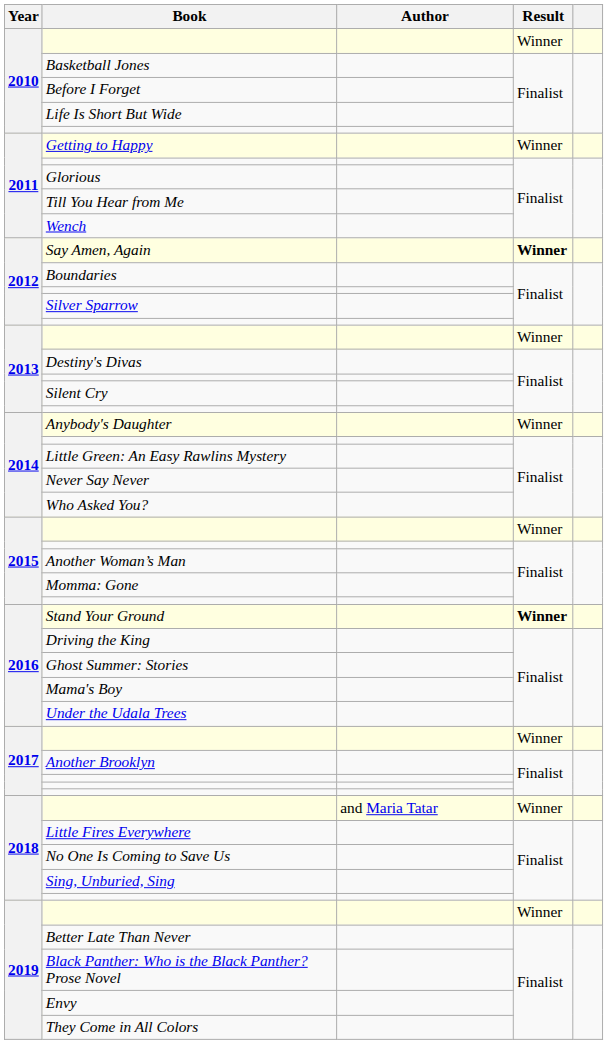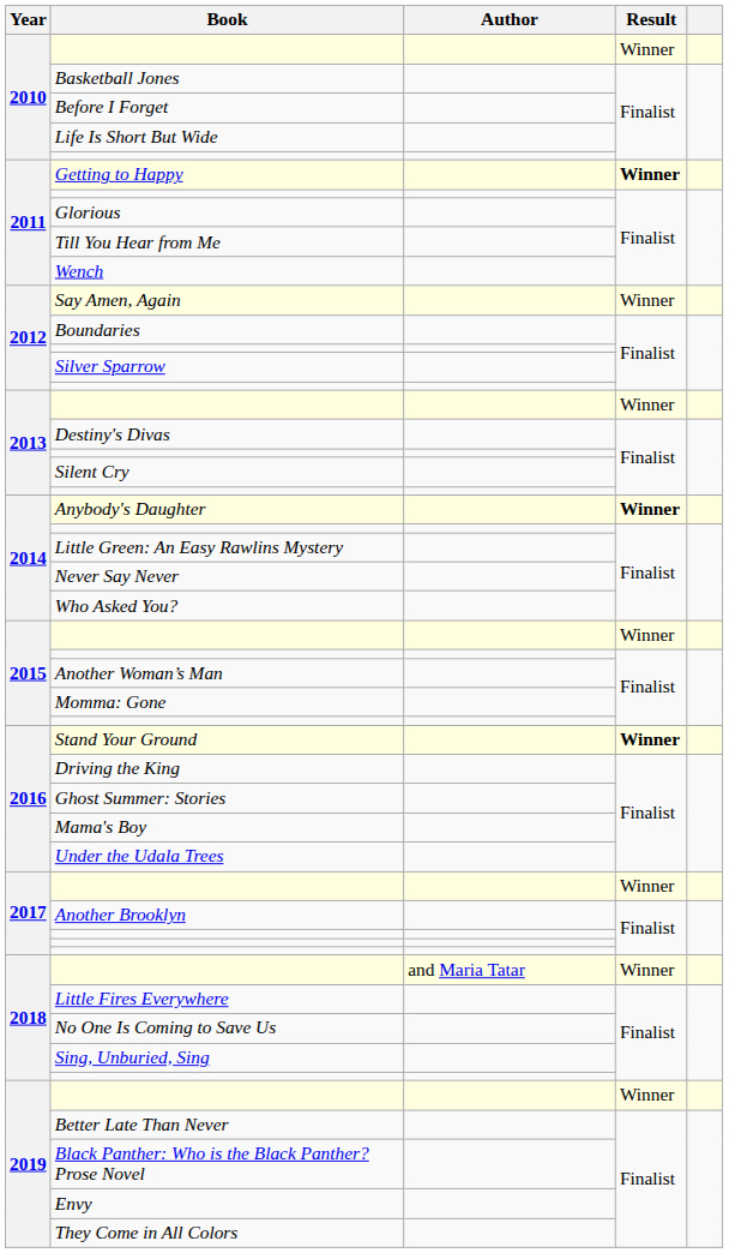 <table class="wikitable sortable mw-collapsible" style="width:100%;">
 <tr style="background:#bebebe;">
 <th scope="col"  width="5%">Year</th>
 <th scope="col"  width="50%">Book</th>
 <th scope="col"  width="30%">Author</th>
 <th scope="col" width="10%">Result</th>
 <th scope="col"  width="5%"></th>
 </tr>
 <tr style="background:lightyellow">
 <th rowspan="5"><a href='#'>2010</a></th>
 <td></td>
 <td></td>
 <td>Winner</td>
 <td></td>
 </tr>
 <tr>
 <td><em>Basketball Jones</em></td>
 <td></td>
 <td rowspan="4">Finalist</td>
 <td rowspan="4"></td>
 </tr>
 <tr>
 <td><em>Before I Forget</em></td>
 <td></td>
 </tr>
 <tr>
 <td><em>Life Is Short But Wide</em></td>
 <td></td>
 </tr>
 <tr>
 <td></td>
 <td></td>
 </tr>
 <tr style="background:lightyellow">
 <th rowspan="5"><a href='#'>2011</a></th>
 <td><em><a href='#'>Getting to Happy</a></em></td>
 <td></td>
-<td>Winner</td>
+<td><strong>Winner</strong></td>
 <td></td>
 </tr>
 <tr>
 <td></td>
 <td></td>
 <td rowspan="4">Finalist</td>
 <td rowspan="4"></td>
 </tr>
 <tr>
 <td><em>Glorious</em></td>
 <td></td>
 </tr>
 <tr>
 <td><em>Till You Hear from Me</em></td>
 <td></td>
 </tr>
 <tr>
 <td><em><a href='#'>Wench</a></em></td>
 <td></td>
 </tr>
 <tr style="background:lightyellow">
 <th rowspan="5"><a href='#'>2012</a></th>
 <td><em>Say Amen, Again</em></td>
 <td></td>
-<td><strong>Winner</strong></td>
+<td>Winner</td>
 <td></td>
 </tr>
 <tr>
 <td><em>Boundaries</em></td>
 <td></td>
 <td rowspan="4">Finalist</td>
 <td rowspan="4"></td>
 </tr>
 <tr>
 <td></td>
 <td></td>
 </tr>
 <tr>
 <td><em><a href='#'>Silver Sparrow</a></em></td>
 <td></td>
 </tr>
 <tr>
 <td></td>
 <td></td>
 </tr>
 <tr style="background:lightyellow">
 <th rowspan="5"><a href='#'>2013</a></th>
 <td></td>
 <td></td>
 <td>Winner</td>
 <td></td>
 </tr>
 <tr>
 <td><em>Destiny's Divas</em></td>
 <td></td>
 <td rowspan="4">Finalist</td>
 <td rowspan="4"></td>
 </tr>
 <tr>
 <td></td>
 <td></td>
 </tr>
 <tr>
 <td><em>Silent Cry</em></td>
 <td></td>
 </tr>
 <tr>
 <td></td>
 <td></td>
 </tr>
 <tr style="background:lightyellow">
 <th rowspan="5"><a href='#'>2014</a></th>
 <td><em>Anybody's Daughter</em></td>
 <td></td>
-<td>Winner</td>
+<td><strong>Winner</strong></td>
 <td></td>
 </tr>
 <tr>
 <td></td>
 <td></td>
 <td rowspan="4">Finalist</td>
 <td rowspan="4"></td>
 </tr>
 <tr>
 <td><em>Little Green: An Easy Rawlins Mystery</em></td>
 <td></td>
 </tr>
 <tr>
 <td><em>Never Say Never</em></td>
 <td></td>
 </tr>
 <tr>
 <td><em>Who Asked You?</em></td>
 <td></td>
 </tr>
 <tr style="background:lightyellow">
 <th rowspan="5"><a href='#'>2015</a></th>
 <td></td>
 <td></td>
 <td>Winner</td>
 <td></td>
 </tr>
 <tr>
 <td></td>
 <td></td>
 <td rowspan="4">Finalist</td>
 <td rowspan="4"></td>
 </tr>
 <tr>
 <td><em>Another Woman’s Man</em></td>
 <td></td>
 </tr>
 <tr>
 <td><em>Momma: Gone</em></td>
 <td></td>
 </tr>
 <tr>
 <td></td>
 <td></td>
 </tr>
 <tr style="background:lightyellow">
 <th rowspan="5"><a href='#'>2016</a></th>
 <td><em>Stand Your Ground</em></td>
 <td></td>
 <td><strong>Winner</strong></td>
 <td></td>
 </tr>
 <tr>
 <td><em>Driving the King</em></td>
 <td></td>
 <td rowspan="4">Finalist</td>
 <td rowspan="4"></td>
 </tr>
 <tr>
 <td><em>Ghost Summer: Stories</em></td>
 <td></td>
 </tr>
 <tr>
 <td><em>Mama's Boy</em></td>
 <td></td>
 </tr>
 <tr>
 <td><em><a href='#'>Under the Udala Trees</a></em></td>
 <td></td>
 </tr>
 <tr style="background:lightyellow">
 <th rowspan="5"><a href='#'>2017</a></th>
 <td></td>
 <td></td>
 <td>Winner</td>
 <td></td>
 </tr>
 <tr>
 <td><em><a href='#'>Another Brooklyn</a></em></td>
 <td></td>
 <td rowspan="4">Finalist</td>
 <td rowspan="4"></td>
 </tr>
 <tr>
 <td></td>
 <td></td>
 </tr>
 <tr>
 <td></td>
 <td></td>
 </tr>
 <tr>
 <td></td>
 <td></td>
 </tr>
 <tr style="background:lightyellow">
 <th rowspan="5"><a href='#'>2018</a></th>
 <td></td>
 <td> and <a href='#'>Maria Tatar</a></td>
 <td>Winner</td>
 <td></td>
 </tr>
 <tr>
 <td><em><a href='#'>Little Fires Everywhere</a></em></td>
 <td></td>
 <td rowspan="4">Finalist</td>
 <td rowspan="4"></td>
 </tr>
 <tr>
 <td><em>No One Is Coming to Save Us</em></td>
 <td></td>
 </tr>
 <tr>
 <td><em><a href='#'>Sing, Unburied, Sing</a></em></td>
 <td></td>
 </tr>
 <tr>
 <td></td>
 <td></td>
 </tr>
 <tr style="background:lightyellow">
 <th rowspan="5"><a href='#'>2019</a></th>
 <td></td>
 <td></td>
 <td>Winner</td>
 <td></td>
 </tr>
 <tr>
 <td><em>Better Late Than Never</em></td>
 <td></td>
 <td rowspan="4">Finalist</td>
 <td rowspan="4"></td>
 </tr>
 <tr>
 <td><em><a href='#'>Black Panther: Who is the Black Panther?</a> Prose Novel</em></td>
 <td></td>
 </tr>
 <tr>
 <td><em>Envy</em></td>
 <td></td>
 </tr>
 <tr>
 <td><em>They Come in All Colors</em></td>
 <td></td>
 </tr>
 </table>
